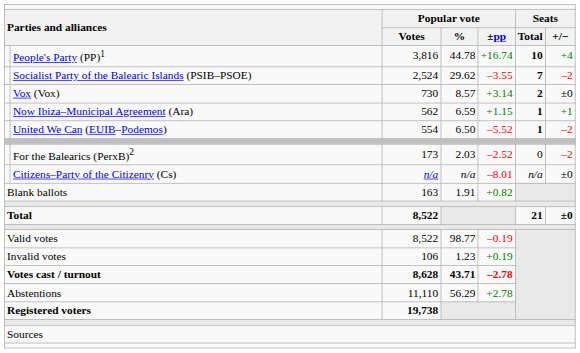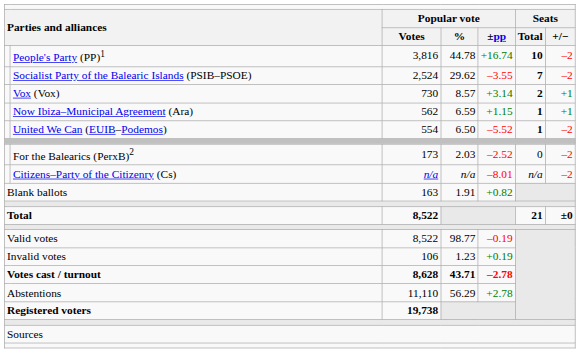 <table class="wikitable" style="text-align:right;">
 <tr>
 <td colspan="7"></td>
 </tr>
 <tr>
 <th style="text-align:left;" rowspan="2" colspan="2" width="525">Parties and alliances</th>
 <th colspan="3">Popular vote</th>
 <th colspan="2">Seats</th>
 </tr>
 <tr>
 <th width="75">Votes</th>
 <th width="45">%</th>
 <th width="45">±<a href='#'>pp</a></th>
 <th width="35">Total</th>
 <th width="35">+/−</th>
 </tr>
 <tr>
 <td width="1" style="color:inherit;background:"></td>
 <td align="left"><a href='#'>People's Party</a> (PP)<sup>1</sup></td>
 <td>3,816</td>
 <td>44.78</td>
 <td style="color:green;">+16.74</td>
 <td><strong>10</strong></td>
-<td style="color:green;">+4</td>
+<td style="color:red;">–2</td>
 </tr>
 <tr>
 <td style="color:inherit;background:"></td>
 <td align="left"><a href='#'>Socialist Party of the Balearic Islands</a> (PSIB–PSOE)</td>
 <td>2,524</td>
 <td>29.62</td>
 <td style="color:red;">–3.55</td>
 <td><strong>7</strong></td>
 <td style="color:red;">–2</td>
 </tr>
 <tr>
 <td style="color:inherit;background:"></td>
 <td align="left"><a href='#'>Vox</a> (Vox)</td>
 <td>730</td>
 <td>8.57</td>
 <td style="color:green;">+3.14</td>
 <td><strong>2</strong></td>
-<td>±0</td>
+<td style="color:green;">+1</td>
 </tr>
 <tr>
 <td style="color:inherit;background:"></td>
 <td align="left"><a href='#'>Now Ibiza–Municipal Agreement</a> (Ara)</td>
 <td>562</td>
 <td>6.59</td>
 <td style="color:green;">+1.15</td>
 <td><strong>1</strong></td>
 <td style="color:green;">+1</td>
 </tr>
 <tr>
 <td style="color:inherit;background:"></td>
 <td align="left"><a href='#'>United We Can</a> (<a href='#'>EUIB</a>–<a href='#'>Podemos</a>)</td>
 <td>554</td>
 <td>6.50</td>
 <td style="color:red;">–5.52</td>
 <td><strong>1</strong></td>
 <td style="color:red;">–2</td>
 </tr>
 <tr>
 <td colspan="7" bgcolor="#C0C0C0"></td>
 </tr>
 <tr>
 <td style="color:inherit;background:"></td>
 <td align="left">For the Balearics (PerxB)<sup>2</sup></td>
 <td>173</td>
 <td>2.03</td>
 <td style="color:red;">–2.52</td>
 <td>0</td>
 <td style="color:red;">–2</td>
 </tr>
 <tr>
 <td style="color:inherit;background:"></td>
 <td align="left"><a href='#'>Citizens–Party of the Citizenry</a> (Cs)</td>
 <td><em><a href='#'>n/a</a></em></td>
 <td><em>n/a</em></td>
 <td style="color:red;">–8.01</td>
 <td><em>n/a</em></td>
-<td>±0</td>
+<td style="color:red;">–2</td>
 </tr>
 <tr>
 <td align="left" colspan="2">Blank ballots</td>
 <td>163</td>
 <td>1.91</td>
 <td style="color:green;">+0.82</td>
 <td bgcolor="#E9E9E9" colspan="2"></td>
 </tr>
 <tr>
 <td colspan="7" bgcolor="#E9E9E9"></td>
 </tr>
 <tr style="font-weight:bold;">
 <td align="left" colspan="2">Total</td>
 <td>8,522</td>
 <td bgcolor="#E9E9E9" colspan="2"></td>
 <td>21</td>
 <td>±0</td>
 </tr>
 <tr>
 <td colspan="7" bgcolor="#E9E9E9"></td>
 </tr>
 <tr>
 <td align="left" colspan="2">Valid votes</td>
 <td>8,522</td>
 <td>98.77</td>
 <td style="color:red;">–0.19</td>
 <td bgcolor="#E9E9E9" colspan="2" rowspan="5"></td>
 </tr>
 <tr>
 <td align="left" colspan="2">Invalid votes</td>
 <td>106</td>
 <td>1.23</td>
 <td style="color:green;">+0.19</td>
 </tr>
 <tr style="font-weight:bold;">
 <td align="left" colspan="2">Votes cast / turnout</td>
 <td>8,628</td>
 <td>43.71</td>
 <td style="color:red;">–2.78</td>
 </tr>
 <tr>
 <td align="left" colspan="2">Abstentions</td>
 <td>11,110</td>
 <td>56.29</td>
 <td style="color:green;">+2.78</td>
 </tr>
 <tr style="font-weight:bold;">
 <td align="left" colspan="2">Registered voters</td>
 <td>19,738</td>
 <td bgcolor="#E9E9E9" colspan="2"></td>
 </tr>
 <tr>
 <td colspan="7" bgcolor="#E9E9E9"></td>
 </tr>
 <tr>
 <td align="left" colspan="7">Sources</td>
 </tr>
 <tr>
 <td colspan="7" style="text-align:left; max-width:790px;"></td>
 </tr>
 </table>
